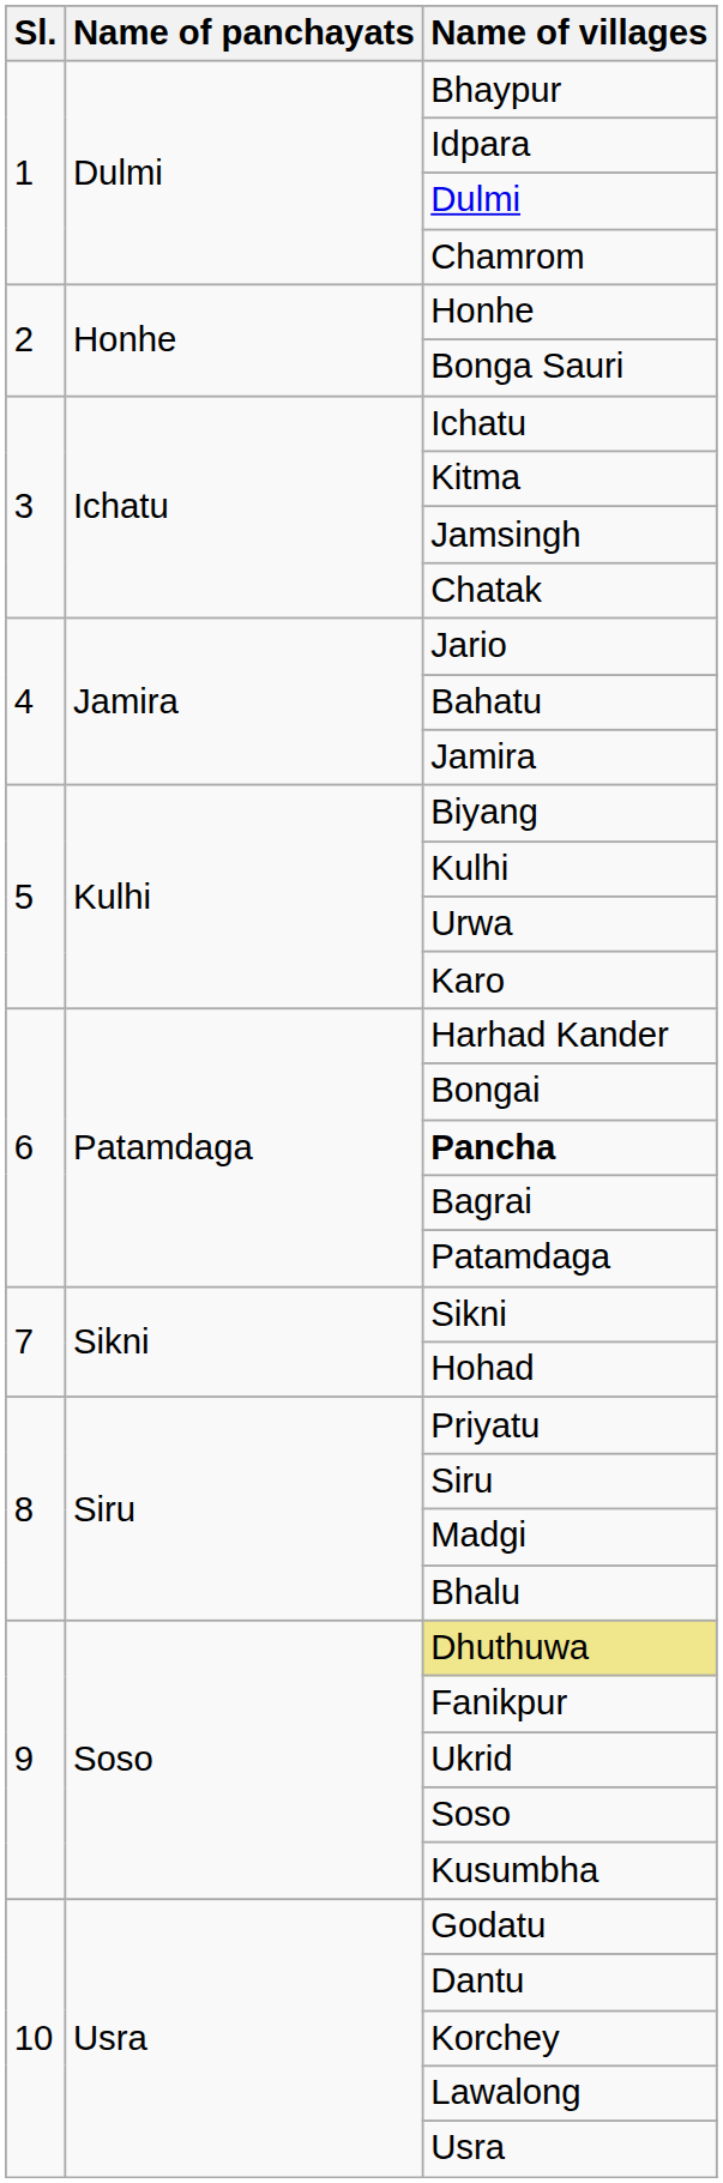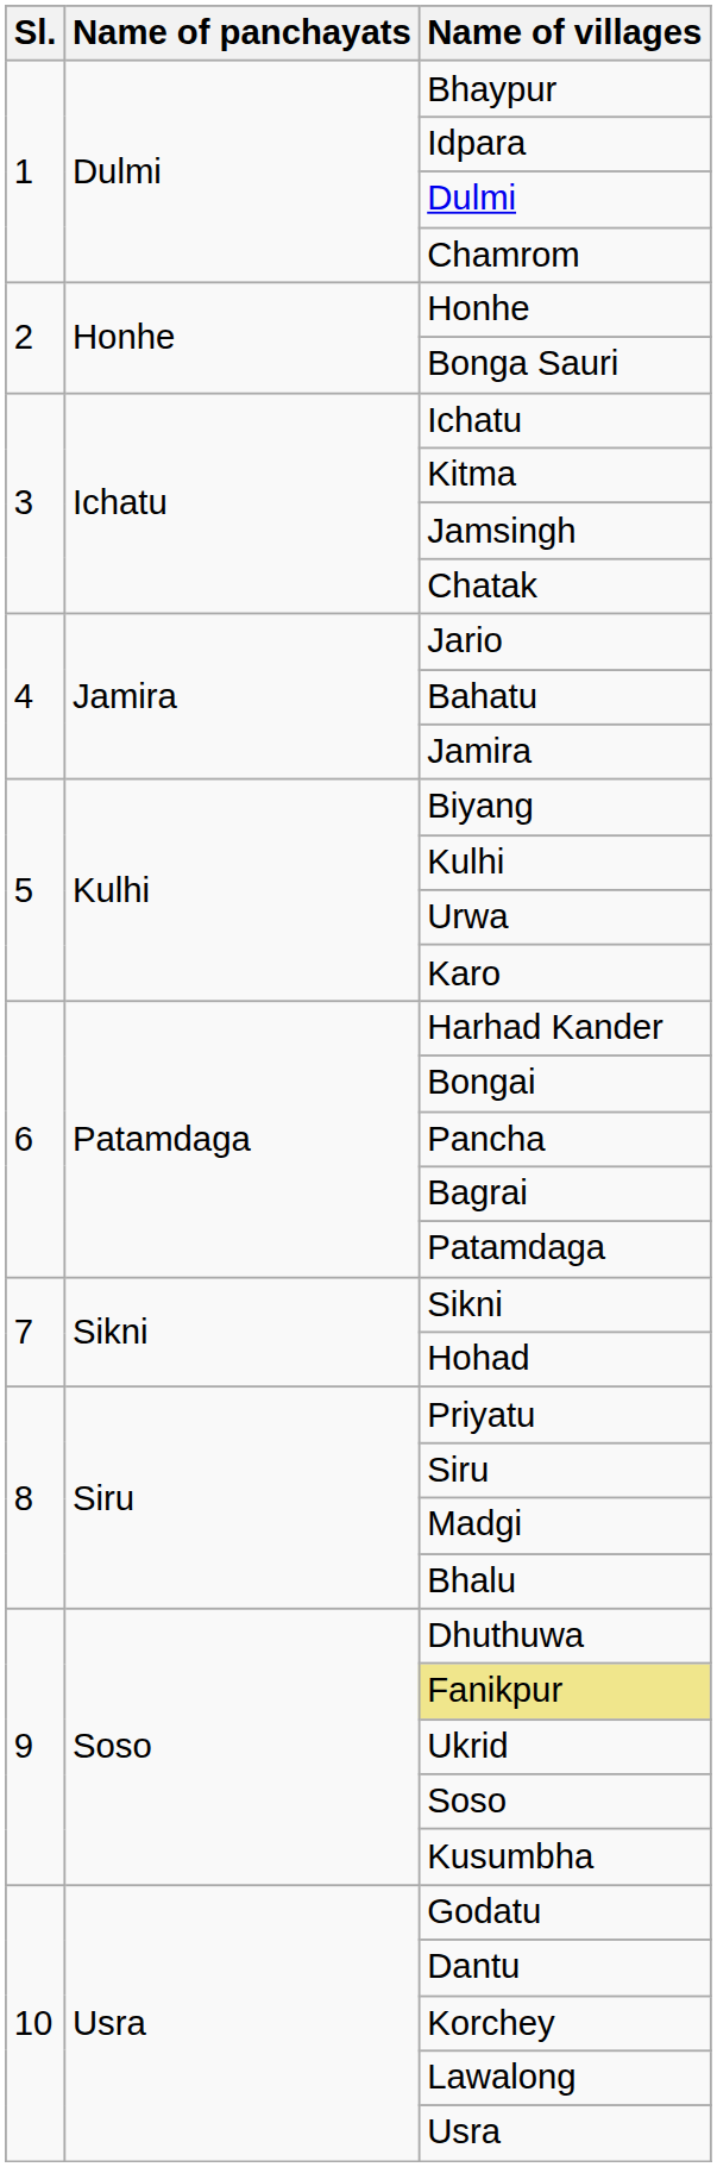 <table class="wikitable plainrowheaders sortable">
 <tr>
 <th scope="col">Sl.</th>
 <th scope="col">Name of panchayats</th>
 <th scope="col">Name of villages</th>
 </tr>
 <tr>
 <td rowspan="4">1</td>
 <td rowspan="4">Dulmi</td>
 <td>Bhaypur</td>
 </tr>
 <tr>
 <td>Idpara</td>
 </tr>
 <tr>
 <td><a href='#'>Dulmi</a></td>
 </tr>
 <tr>
 <td>Chamrom</td>
 </tr>
 <tr>
 <td rowspan="2">2</td>
 <td rowspan="2">Honhe</td>
 <td>Honhe</td>
 </tr>
 <tr>
 <td>Bonga Sauri</td>
 </tr>
 <tr>
 <td rowspan="4">3</td>
 <td rowspan="4">Ichatu</td>
 <td>Ichatu</td>
 </tr>
 <tr>
 <td>Kitma</td>
 </tr>
 <tr>
 <td>Jamsingh</td>
 </tr>
 <tr>
 <td>Chatak</td>
 </tr>
 <tr>
 <td rowspan="3">4</td>
 <td rowspan="3">Jamira</td>
 <td>Jario</td>
 </tr>
 <tr>
 <td>Bahatu</td>
 </tr>
 <tr>
 <td>Jamira</td>
 </tr>
 <tr>
 <td rowspan="4">5</td>
 <td rowspan="4">Kulhi</td>
 <td>Biyang</td>
 </tr>
 <tr>
 <td>Kulhi</td>
 </tr>
 <tr>
 <td>Urwa</td>
 </tr>
 <tr>
 <td>Karo</td>
 </tr>
 <tr>
 <td rowspan="5">6</td>
 <td rowspan="5">Patamdaga</td>
 <td>Harhad Kander</td>
 </tr>
 <tr>
 <td>Bongai</td>
 </tr>
 <tr>
-<td><strong>Pancha</strong></td>
+<td>Pancha</td>
 </tr>
 <tr>
 <td>Bagrai</td>
 </tr>
 <tr>
 <td>Patamdaga</td>
 </tr>
 <tr>
 <td rowspan="2">7</td>
 <td rowspan="2">Sikni</td>
 <td>Sikni</td>
 </tr>
 <tr>
 <td>Hohad</td>
 </tr>
 <tr>
 <td rowspan="4">8</td>
 <td rowspan="4">Siru</td>
 <td>Priyatu</td>
 </tr>
 <tr>
 <td>Siru</td>
 </tr>
 <tr>
 <td>Madgi</td>
 </tr>
 <tr>
 <td>Bhalu</td>
 </tr>
 <tr>
 <td rowspan="5">9</td>
 <td rowspan="5">Soso</td>
-<td style="background: khaki;">Dhuthuwa</td>
+<td>Dhuthuwa</td>
 </tr>
 <tr>
-<td>Fanikpur</td>
+<td style="background: khaki;">Fanikpur</td>
 </tr>
 <tr>
 <td>Ukrid</td>
 </tr>
 <tr>
 <td>Soso</td>
 </tr>
 <tr>
 <td>Kusumbha</td>
 </tr>
 <tr>
 <td rowspan="5">10</td>
 <td rowspan="5">Usra</td>
 <td>Godatu</td>
 </tr>
 <tr>
 <td>Dantu</td>
 </tr>
 <tr>
 <td>Korchey</td>
 </tr>
 <tr>
 <td>Lawalong</td>
 </tr>
 <tr>
 <td>Usra</td>
 </tr>
 <tr>
 </tr>
 </table>
